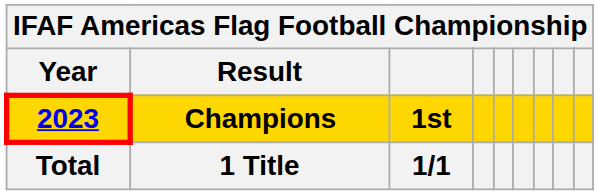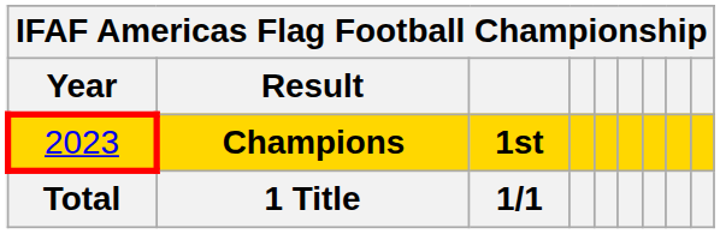 <table class="wikitable" style="text-align: center;font-size:100%;">
 <tr>
 <th colspan="9">IFAF Americas Flag Football Championship</th>
 </tr>
 <tr>
 <th>Year</th>
 <th>Result</th>
 <th></th>
 <th></th>
 <th></th>
 <th></th>
 <th></th>
 <th></th>
 <th></th>
 </tr>
 <tr bgcolor=gold>
-<td style="border: 3px solid red"><strong> <a href='#'>2023</a></strong></td>
+<td style="border: 3px solid red"> <a href='#'>2023</a></td>
 <td><strong>Champions</strong></td>
 <td><strong>1st</strong></td>
 <td></td>
 <td></td>
 <td></td>
 <td></td>
 <td></td>
 <td></td>
 </tr>
 <tr>
 <th>Total</th>
 <th>1 Title</th>
 <th>1/1</th>
 <th></th>
 <th></th>
 <th></th>
 <th></th>
 <th></th>
 <th></th>
 </tr>
 </table>
